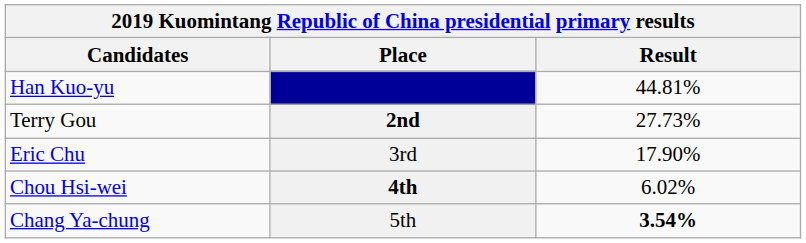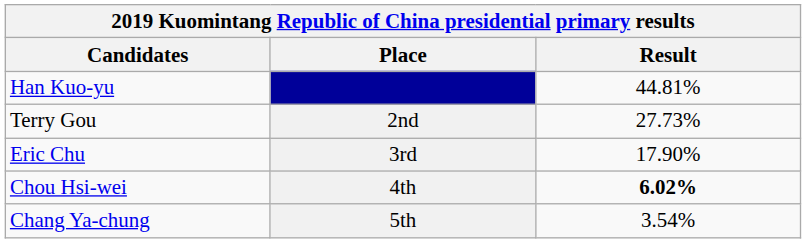 <table class="wikitable collapsible" style="margin:1em auto;">
 <tr>
 <th colspan="5" width=600>2019 Kuomintang <a href='#'>Republic of China presidential</a> <a href='#'>primary</a> results</th>
 </tr>
 <tr>
 <th width=80>Candidates</th>
 <th width=80>Place</th>
 <th width=80>Result</th>
 </tr>
 <tr>
 <td><a href='#'>Han Kuo-yu</a></td>
 <td style="background: #000099; text-align:center"><strong></strong></td>
 <td style="text-align:center">44.81%</td>
 </tr>
 <tr>
 <td>Terry Gou</td>
-<td style="background: #f1f1f1; text-align:center"><strong>2nd</strong></td>
+<td style="background: #f1f1f1; text-align:center">2nd</td>
 <td style="text-align:center">27.73%</td>
 </tr>
 <tr>
 <td><a href='#'>Eric Chu</a></td>
 <td style="background: #f1f1f1; text-align:center">3rd</td>
 <td style="text-align:center">17.90%</td>
 </tr>
 <tr>
 <td><a href='#'>Chou Hsi-wei</a></td>
-<td style="background: #f1f1f1; text-align:center"><strong>4th</strong></td>
-<td style="text-align:center">6.02%</td>
+<td style="background: #f1f1f1; text-align:center">4th</td>
+<td style="text-align:center"><strong>6.02%</strong></td>
 </tr>
 <tr>
 <td><a href='#'>Chang Ya-chung</a></td>
 <td style="background: #f1f1f1; text-align:center">5th</td>
-<td style="text-align:center"><strong>3.54%</strong></td>
+<td style="text-align:center">3.54%</td>
 </tr>
 </table>
